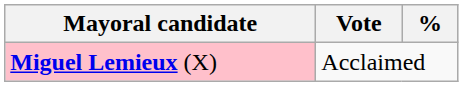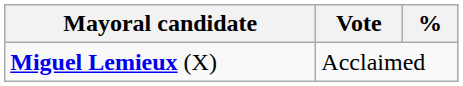 <table class="wikitable">
 <tr>
 <th bgcolor="#DDDDFF" width="200px">Mayoral candidate</th>
 <th bgcolor="#DDDDFF" width="50px">Vote</th>
 <th bgcolor="#DDDDFF" width="30px">%</th>
 </tr>
 <tr>
-<td style="background: pink;"><strong><a href='#'>Miguel Lemieux</a></strong> (X)</td>
+<td><strong><a href='#'>Miguel Lemieux</a></strong> (X)</td>
 <td colspan="2">Acclaimed</td>
 </tr>
 </table>
